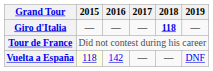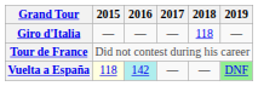 <table class="wikitable plainrowheaders">
 <tr>
 <th scope="col"><a href='#'>Grand Tour</a></th>
 <th scope="col">2015</th>
 <th scope="col">2016</th>
 <th scope="col">2017</th>
 <th scope="col">2018</th>
 <th scope="col">2019</th>
 </tr>
 <tr style="text-align:center;">
 <th scope="row"> <a href='#'>Giro d'Italia</a></th>
 <td>—</td>
 <td>—</td>
 <td>—</td>
-<td><strong><a href='#'>118</a></strong></td>
+<td><a href='#'>118</a></td>
 <td>—</td>
 </tr>
 <tr style="text-align:center;">
 <th scope="row"> <a href='#'>Tour de France</a></th>
 <td style="color:#4d4d4d;" colspan=5>Did not contest during his career</td>
 </tr>
 <tr style="text-align:center;">
 <th scope="row"> <a href='#'>Vuelta a España</a></th>
 <td style="background: lightyellow;"><a href='#'>118</a></td>
-<td><a href='#'>142</a></td>
+<td style="background: paleturquoise;"><a href='#'>142</a></td>
 <td>—</td>
 <td>—</td>
-<td><a href='#'>DNF</a></td>
+<td style="background: lightgreen;"><a href='#'>DNF</a></td>
 </tr>
 </table>
